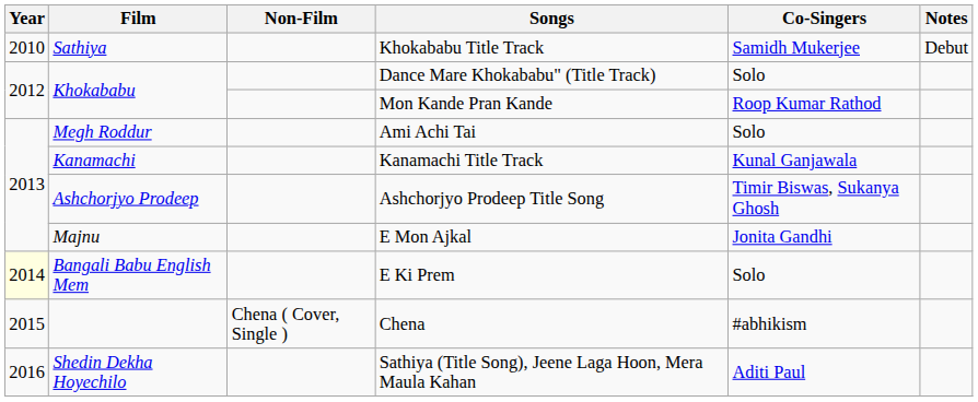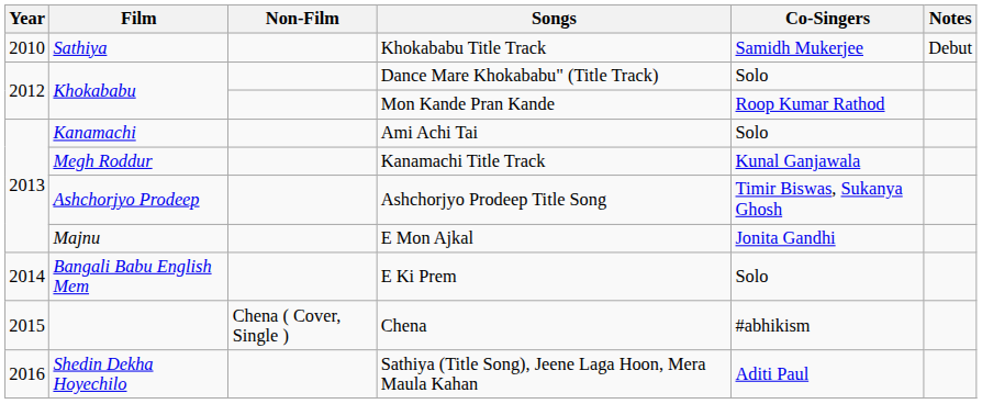 <table class="wikitable sortable">
 <tr>
 <th>Year</th>
 <th>Film</th>
 <th>Non-Film</th>
 <th>Songs</th>
 <th>Co-Singers</th>
 <th>Notes</th>
 </tr>
 <tr>
 <td>2010</td>
 <td><em><a href='#'>Sathiya</a></em></td>
 <td></td>
 <td>Khokababu Title Track</td>
 <td><a href='#'>Samidh Mukerjee</a></td>
 <td>Debut</td>
 </tr>
 <tr>
 <td rowspan="2">2012</td>
 <td rowspan="2"><em><a href='#'>Khokababu</a></em></td>
 <td></td>
 <td>Dance Mare Khokababu" (Title Track)</td>
 <td>Solo</td>
 <td></td>
 </tr>
 <tr>
 <td></td>
 <td>Mon Kande Pran Kande</td>
 <td><a href='#'>Roop Kumar Rathod</a></td>
 <td></td>
 </tr>
 <tr>
 <td rowspan="4">2013</td>
-<td><em><a href='#'>Megh Roddur</a></em></td>
+<td><em><a href='#'>Kanamachi</a></em></td>
 <td></td>
 <td>Ami Achi Tai</td>
 <td>Solo</td>
 <td></td>
 </tr>
 <tr>
-<td><em><a href='#'>Kanamachi</a></em></td>
+<td><em><a href='#'>Megh Roddur</a></em></td>
 <td></td>
 <td>Kanamachi Title Track</td>
 <td><a href='#'>Kunal Ganjawala</a></td>
 <td></td>
 </tr>
 <tr>
 <td><em><a href='#'>Ashchorjyo Prodeep</a></em></td>
 <td></td>
 <td>Ashchorjyo Prodeep Title Song</td>
 <td><a href='#'>Timir Biswas</a>, <a href='#'>Sukanya Ghosh</a></td>
 <td></td>
 </tr>
 <tr>
 <td><em>Majnu</em></td>
 <td></td>
 <td>E Mon Ajkal</td>
 <td><a href='#'>Jonita Gandhi</a></td>
 <td></td>
 </tr>
 <tr>
-<td style="background: lightyellow;">2014</td>
+<td>2014</td>
 <td><em><a href='#'>Bangali Babu English Mem</a></em></td>
 <td></td>
 <td>E Ki Prem</td>
 <td>Solo</td>
 <td></td>
 </tr>
 <tr>
 <td>2015</td>
 <td><em> </em></td>
 <td>Chena ( Cover, Single )</td>
 <td>Chena</td>
 <td>#abhikism</td>
 <td></td>
 </tr>
 <tr>
 <td>2016</td>
 <td><em><a href='#'>Shedin Dekha Hoyechilo</a></em></td>
 <td></td>
 <td>Sathiya (Title Song), Jeene Laga Hoon, Mera Maula Kahan</td>
 <td><a href='#'>Aditi Paul</a></td>
 <td></td>
 </tr>
 <tr>
 </tr>
 </table>
